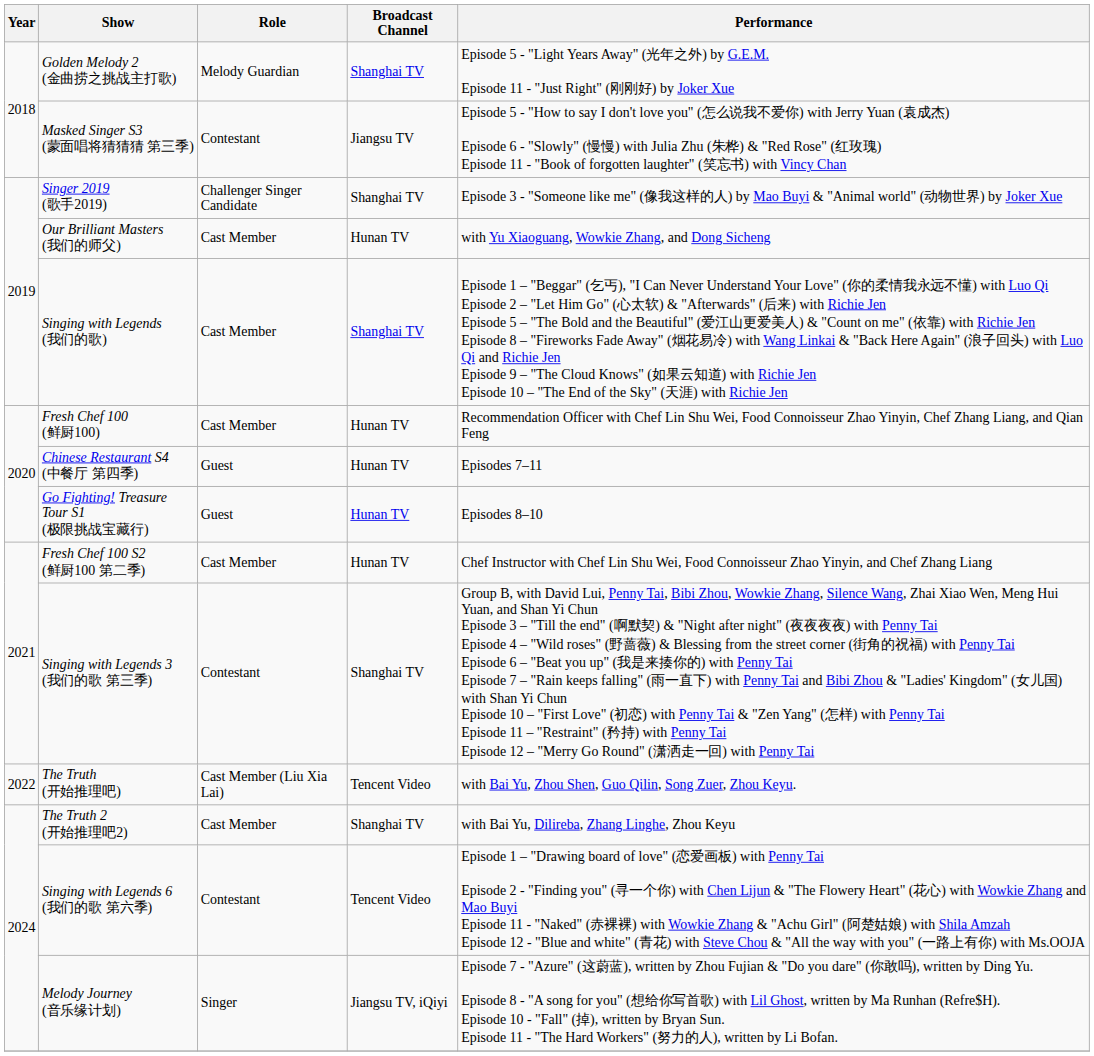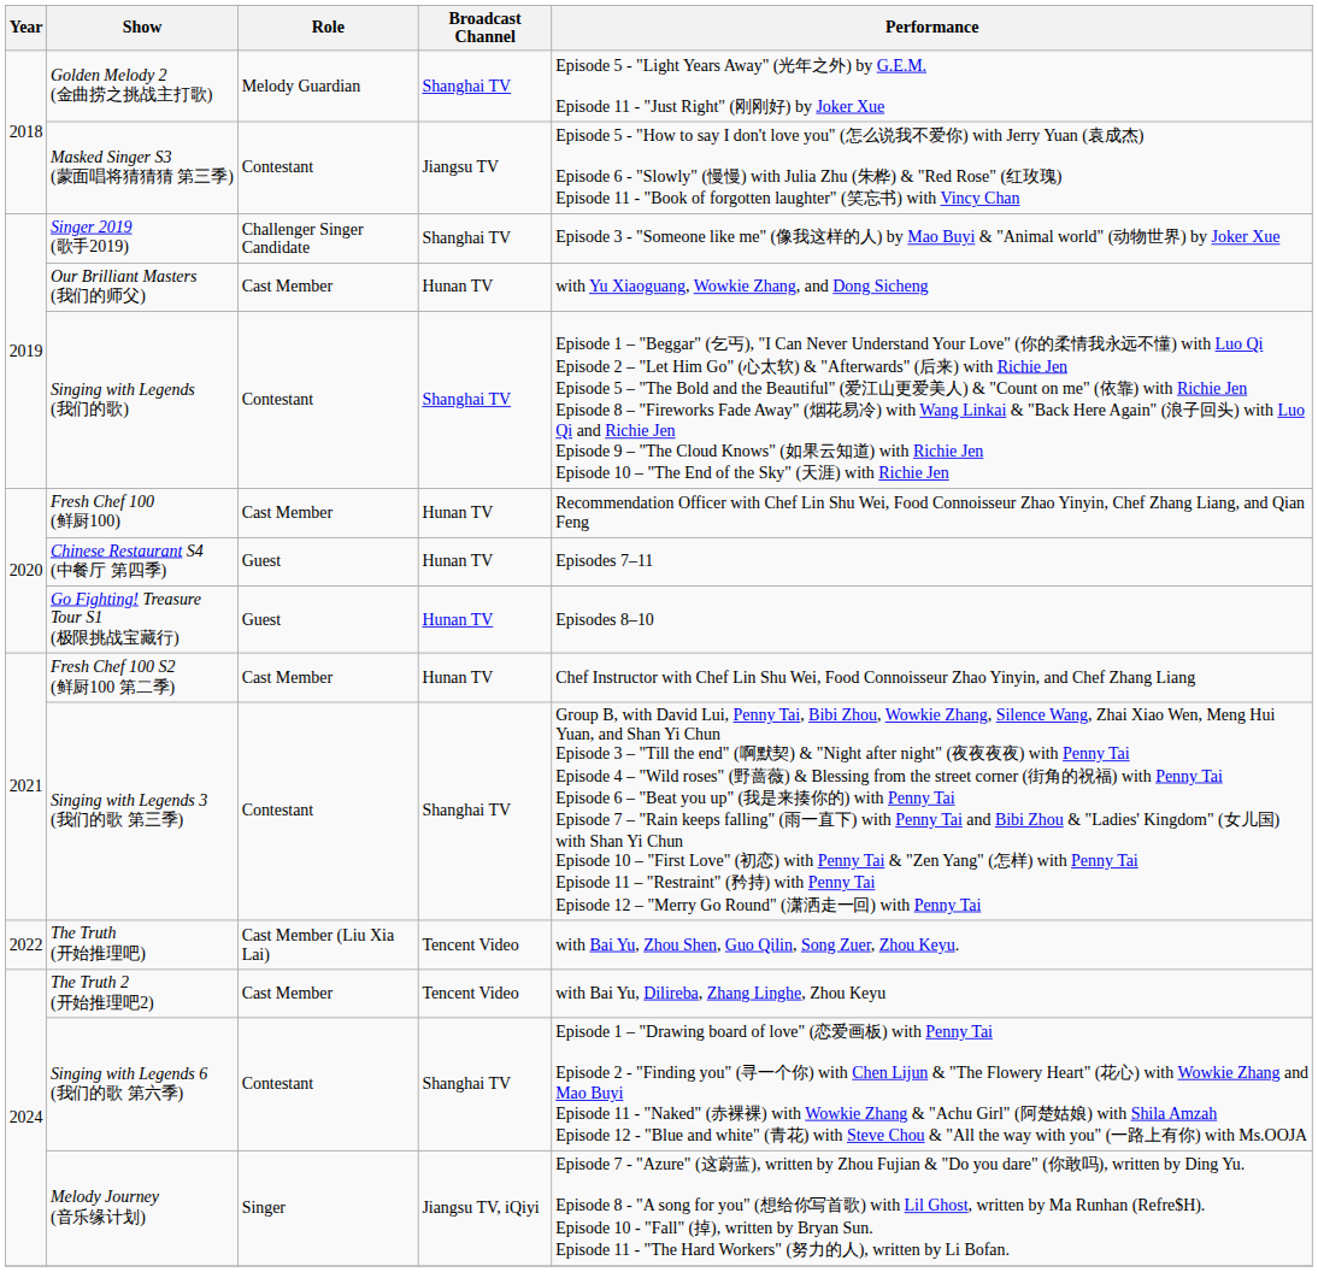 <table class="wikitable">
 <tr>
 <th>Year</th>
 <th>Show</th>
 <th>Role</th>
 <th>Broadcast Channel</th>
 <th>Performance</th>
 </tr>
 <tr>
 <td rowspan=2>2018</td>
 <td><em>Golden Melody 2</em><br>(金曲捞之挑战主打歌)</td>
 <td>Melody Guardian</td>
 <td><a href='#'>Shanghai TV</a></td>
 <td>Episode 5 - "Light Years Away" (光年之外) by <a href='#'>G.E.M.</a> <br><br>Episode 11 - "Just Right" (刚刚好) by <a href='#'>Joker Xue</a></td>
 </tr>
 <tr>
 <td><em>Masked Singer S3</em><br>(蒙面唱将猜猜猜 第三季)</td>
 <td>Contestant</td>
 <td>Jiangsu TV</td>
 <td>Episode 5 - "How to say I don't love you" (怎么说我不爱你) with Jerry Yuan (袁成杰) <br><br>Episode 6 - "Slowly" (慢慢) with Julia Zhu (朱桦) & "Red Rose" (红玫瑰) <br> Episode 11 - "Book of forgotten laughter" (笑忘书) with <a href='#'>Vincy Chan</a></td>
 </tr>
 <tr>
 <td rowspan="3">2019</td>
 <td><em><a href='#'>Singer 2019</a></em><br>(歌手2019)</td>
 <td>Challenger Singer Candidate</td>
 <td>Shanghai TV</td>
 <td>Episode 3 - "Someone like me" (像我这样的人) by <a href='#'>Mao Buyi</a> & "Animal world" (动物世界) by <a href='#'>Joker Xue</a></td>
 </tr>
 <tr>
 <td><em>Our Brilliant Masters</em><br>(我们的师父)</td>
 <td>Cast Member</td>
 <td>Hunan TV</td>
 <td>with <a href='#'>Yu Xiaoguang</a>, <a href='#'>Wowkie Zhang</a>, and <a href='#'>Dong Sicheng</a></td>
 </tr>
 <tr>
 <td><em>Singing with Legends</em><br>(我们的歌)</td>
-<td>Cast Member</td>
+<td>Contestant</td>
 <td><a href='#'>Shanghai TV</a></td>
 <td><br>Episode 1 – "Beggar" (乞丐), "I Can Never Understand Your Love" (你的柔情我永远不懂) with <a href='#'>Luo Qi</a> <br>Episode 2 – "Let Him Go" (心太软) & "Afterwards" (后来) with <a href='#'>Richie Jen</a> <br>Episode 5 – "The Bold and the Beautiful" (爱江山更爱美人) & "Count on me" (依靠) with <a href='#'>Richie Jen</a> <br>Episode 8 – "Fireworks Fade Away" (烟花易冷) with <a href='#'>Wang Linkai</a> & "Back Here Again" (浪子回头) with <a href='#'>Luo Qi</a> and <a href='#'>Richie Jen</a> <br>Episode 9 – "The Cloud Knows" (如果云知道) with <a href='#'>Richie Jen</a><br>Episode 10 – "The End of the Sky" (天涯) with <a href='#'>Richie Jen</a></td>
 </tr>
 <tr>
 <td rowspan="3">2020</td>
 <td><em>Fresh Chef 100</em><br>(鲜厨100)</td>
 <td>Cast Member</td>
 <td>Hunan TV</td>
 <td>Recommendation Officer with Chef Lin Shu Wei, Food Connoisseur Zhao Yinyin, Chef Zhang Liang, and Qian Feng</td>
 </tr>
 <tr>
 <td><em><a href='#'>Chinese Restaurant</a> S4</em><br>(中餐厅 第四季)</td>
 <td>Guest</td>
 <td>Hunan TV</td>
 <td>Episodes 7–11</td>
 </tr>
 <tr>
 <td><em><a href='#'>Go Fighting!</a> Treasure Tour S1</em><br>(极限挑战宝藏行)</td>
 <td>Guest</td>
 <td><a href='#'>Hunan TV</a></td>
 <td>Episodes 8–10</td>
 </tr>
 <tr>
 <td rowspan="2">2021</td>
 <td><em>Fresh Chef 100 S2</em><br>(鲜厨100 第二季)</td>
 <td>Cast Member</td>
 <td>Hunan TV</td>
 <td>Chef Instructor with Chef Lin Shu Wei, Food Connoisseur Zhao Yinyin, and Chef Zhang Liang</td>
 </tr>
 <tr>
 <td><em>Singing with Legends 3</em><br>(我们的歌 第三季)</td>
 <td>Contestant</td>
 <td>Shanghai TV</td>
 <td>Group B, with David Lui, <a href='#'>Penny Tai</a>, <a href='#'>Bibi Zhou</a>, <a href='#'>Wowkie Zhang</a>, <a href='#'>Silence Wang</a>, Zhai Xiao Wen, Meng Hui Yuan, and Shan Yi Chun<br>Episode 3 – "Till the end" (啊默契) & "Night after night" (夜夜夜夜) with <a href='#'>Penny Tai</a> <br>Episode 4 – "Wild roses" (野蔷薇) & Blessing from the street corner (街角的祝福) with <a href='#'>Penny Tai</a> <br>Episode 6 – "Beat you up" (我是来揍你的) with <a href='#'>Penny Tai</a> <br>Episode 7 – "Rain keeps falling" (雨一直下) with <a href='#'>Penny Tai</a> and <a href='#'>Bibi Zhou</a> & "Ladies' Kingdom" (女儿国) with Shan Yi Chun <br>Episode 10 – "First Love" (初恋) with <a href='#'>Penny Tai</a> & "Zen Yang" (怎样) with <a href='#'>Penny Tai</a><br>Episode 11 – "Restraint" (矜持) with <a href='#'>Penny Tai</a><br>Episode 12 – "Merry Go Round" (潇洒走一回) with <a href='#'>Penny Tai</a></td>
 </tr>
 <tr>
 <td>2022</td>
 <td><em>The Truth</em><br>(开始推理吧)</td>
 <td>Cast Member (Liu Xia Lai)</td>
 <td>Tencent Video</td>
 <td>with <a href='#'>Bai Yu</a>, <a href='#'>Zhou Shen</a>, <a href='#'>Guo Qilin</a>, <a href='#'>Song Zuer</a>, <a href='#'>Zhou Keyu</a>.</td>
 </tr>
 <tr>
 <td rowspan="3">2024</td>
 <td><em>The Truth 2</em><br>(开始推理吧2)</td>
 <td>Cast Member</td>
-<td>Shanghai TV</td>
+<td>Tencent Video</td>
 <td>with Bai Yu, <a href='#'>Dilireba</a>, <a href='#'>Zhang Linghe</a>, Zhou Keyu</td>
 </tr>
 <tr>
 <td><em>Singing with Legends 6</em><br>(我们的歌 第六季)</td>
 <td>Contestant</td>
-<td>Tencent Video</td>
+<td>Shanghai TV</td>
 <td>Episode 1 – "Drawing board of love" (恋爱画板) with <a href='#'>Penny Tai</a> <br><br>Episode 2 - "Finding you" (寻一个你) with <a href='#'>Chen Lijun</a> & "The Flowery Heart" (花心) with <a href='#'>Wowkie Zhang</a> and <a href='#'>Mao Buyi</a><br> Episode 11 - "Naked" (赤裸裸) with <a href='#'>Wowkie Zhang</a> & "Achu Girl" (阿楚姑娘) with <a href='#'>Shila Amzah</a> <br> Episode 12 - "Blue and white" (青花) with <a href='#'>Steve Chou</a> & "All the way with you" (一路上有你) with Ms.OOJA</td>
 </tr>
 <tr>
 <td><em>Melody Journey</em><br>(音乐缘计划)</td>
 <td>Singer</td>
 <td>Jiangsu TV, iQiyi</td>
 <td>Episode 7 - "Azure" (这蔚蓝), written by Zhou Fujian & "Do you dare" (你敢吗), written by Ding Yu. <br><br>Episode 8 - "A song for you" (想给你写首歌) with <a href='#'>Lil Ghost</a>, written by Ma Runhan (Refre$H). <br> Episode 10 - "Fall" (掉), written by Bryan Sun. <br> Episode 11 - "The Hard Workers" (努力的人), written by Li Bofan.</td>
 </tr>
 <tr>
 </tr>
 </table>
